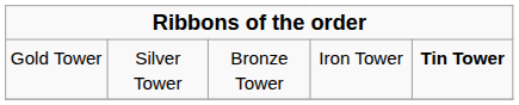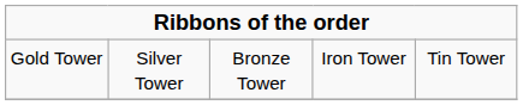 <table align=center class=wikitable width=60%>
 <tr>
 <td colspan=5 align="center"><strong>Ribbons of the order</strong></td>
 </tr>
 <tr>
 <td width=20% valign=top align=center><small>Gold Tower</small></td>
 <td width=20% valign=top align=center><small>Silver Tower</small></td>
 <td width=20% valign=top align=center><small>Bronze Tower</small></td>
 <td width=20% valign=top align=center><small>Iron Tower</small></td>
-<td width=20% valign=top align=center><strong><small>Tin Tower</small></strong></td>
+<td width=20% valign=top align=center><small>Tin Tower</small></td>
 </tr>
 <tr>
 </tr>
 </table>
